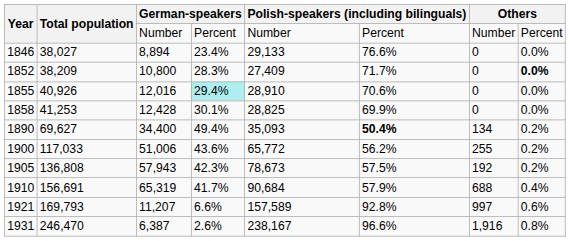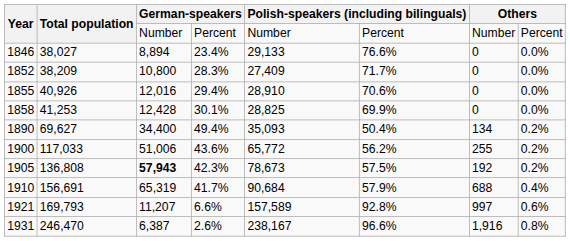 <table class="wikitable">
 <tr>
 <th rowspan="2">Year</th>
 <th rowspan="2">Total population</th>
 <th colspan="2">German-speakers</th>
 <th colspan="2">Polish-speakers (including bilinguals)</th>
 <th colspan="2">Others</th>
 </tr>
 <tr>
 <td>Number</td>
 <td>Percent</td>
 <td>Number</td>
 <td>Percent</td>
 <td>Number</td>
 <td>Percent</td>
 </tr>
 <tr>
 <td>1846</td>
 <td>38,027</td>
 <td>8,894</td>
 <td>23.4%</td>
 <td>29,133</td>
 <td>76.6%</td>
 <td>0</td>
 <td>0.0%</td>
 </tr>
 <tr>
 <td>1852</td>
 <td>38,209</td>
 <td>10,800</td>
 <td>28.3%</td>
 <td>27,409</td>
 <td>71.7%</td>
 <td>0</td>
-<td><strong>0.0%</strong></td>
+<td>0.0%</td>
 </tr>
 <tr>
 <td>1855</td>
 <td>40,926</td>
 <td>12,016</td>
-<td style="background: paleturquoise;">29.4%</td>
+<td>29.4%</td>
 <td>28,910</td>
 <td>70.6%</td>
 <td>0</td>
 <td>0.0%</td>
 </tr>
 <tr>
 <td>1858</td>
 <td>41,253</td>
 <td>12,428</td>
 <td>30.1%</td>
 <td>28,825</td>
 <td>69.9%</td>
 <td>0</td>
 <td>0.0%</td>
 </tr>
 <tr>
 <td>1890</td>
 <td>69,627</td>
 <td>34,400</td>
 <td>49.4%</td>
 <td>35,093</td>
-<td><strong>50.4%</strong></td>
+<td>50.4%</td>
 <td>134</td>
 <td>0.2%</td>
 </tr>
 <tr>
 <td>1900</td>
 <td>117,033</td>
 <td>51,006</td>
 <td>43.6%</td>
 <td>65,772</td>
 <td>56.2%</td>
 <td>255</td>
 <td>0.2%</td>
 </tr>
 <tr>
 <td>1905</td>
 <td>136,808</td>
-<td>57,943</td>
+<td><strong>57,943</strong></td>
 <td>42.3%</td>
 <td>78,673</td>
 <td>57.5%</td>
 <td>192</td>
 <td>0.2%</td>
 </tr>
 <tr>
 <td>1910</td>
 <td>156,691</td>
 <td>65,319</td>
 <td>41.7%</td>
 <td>90,684</td>
 <td>57.9%</td>
 <td>688</td>
 <td>0.4%</td>
 </tr>
 <tr>
 <td>1921</td>
 <td>169,793</td>
 <td>11,207</td>
 <td>6.6%</td>
 <td>157,589</td>
 <td>92.8%</td>
 <td>997</td>
 <td>0.6%</td>
 </tr>
 <tr>
 <td>1931</td>
 <td>246,470</td>
 <td>6,387</td>
 <td>2.6%</td>
 <td>238,167</td>
 <td>96.6%</td>
 <td>1,916</td>
 <td>0.8%</td>
 </tr>
 </table>
